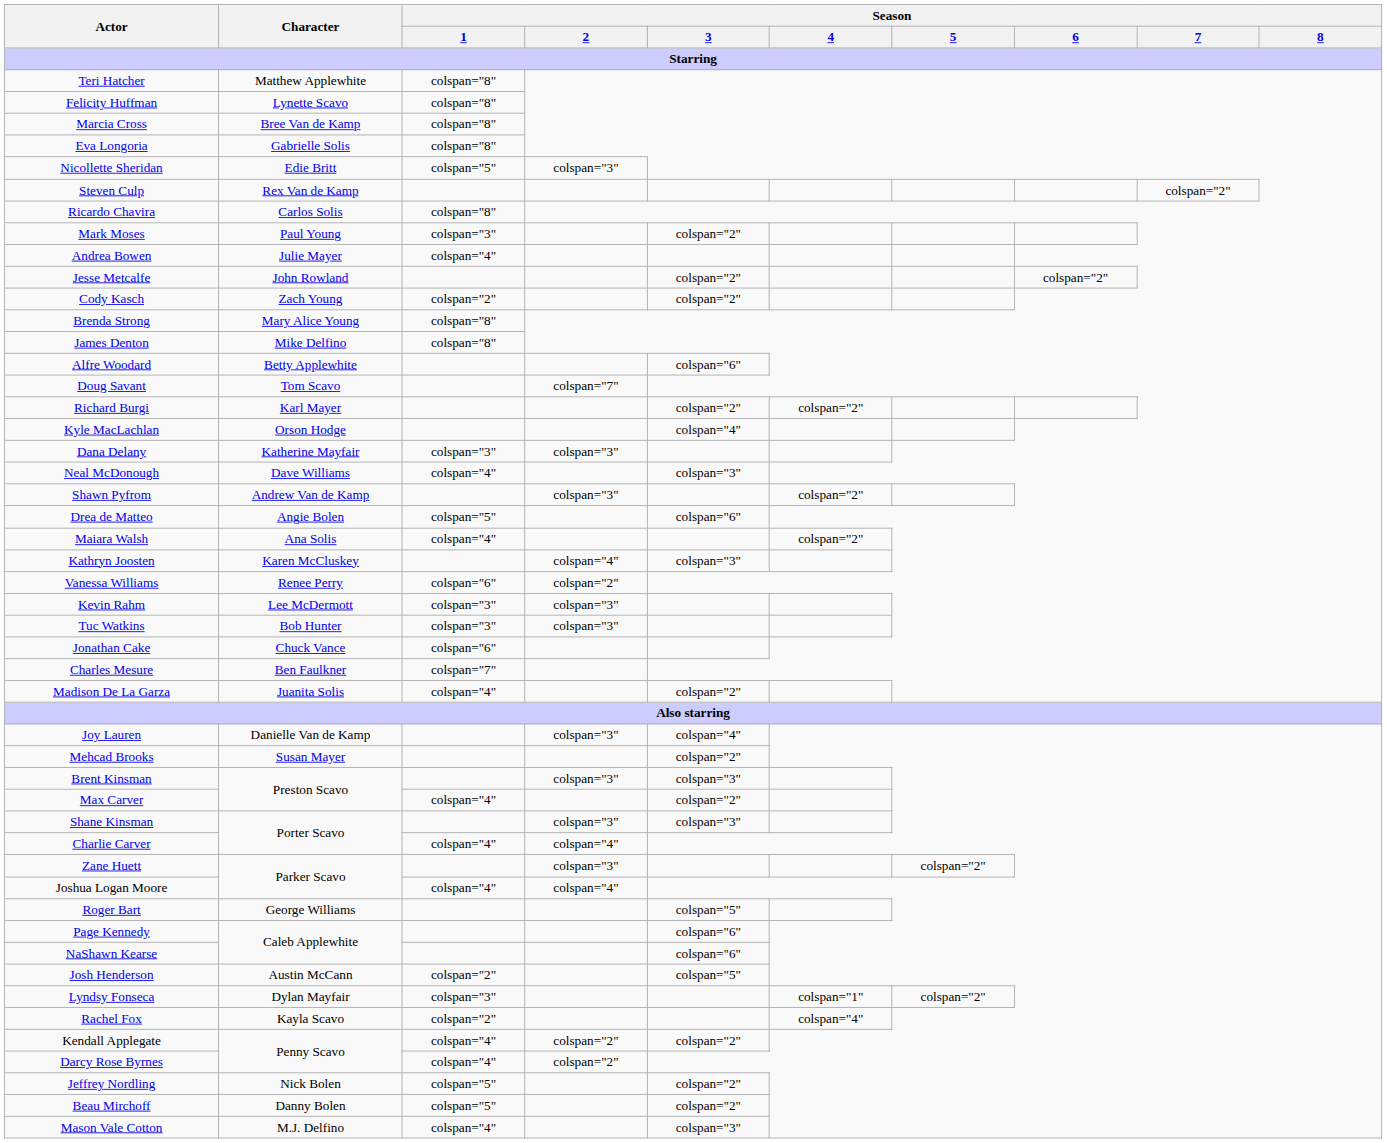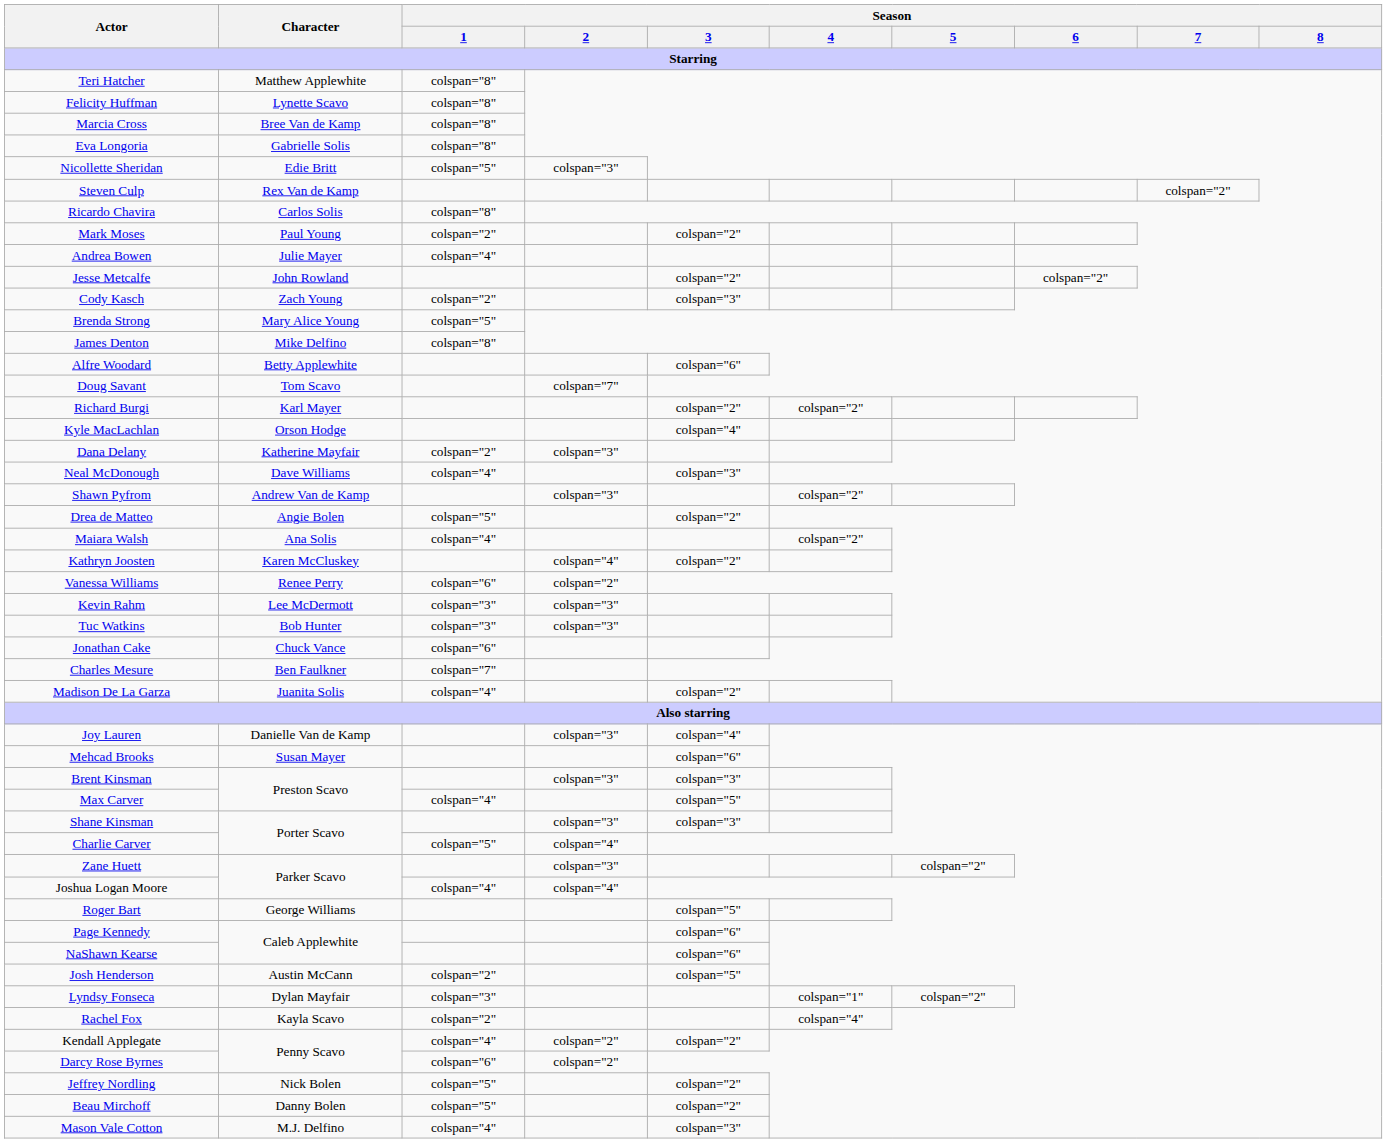 <table class="wikitable plainrowheaders" style="text-align:center; font-size:95%; width:100%">
 <tr>
 <th rowspan="2" style="width:14%;" scope="col">Actor</th>
 <th rowspan="2" style="width:12%;" scope="col">Character</th>
 <th colspan="8">Season</th>
 </tr>
 <tr>
 <th style="width:8%;" scope="col"><a href='#'>1</a></th>
 <th style="width:8%;" scope="col"><a href='#'>2</a></th>
 <th style="width:8%;" scope="col"><a href='#'>3</a></th>
 <th style="width:8%;" scope="col"><a href='#'>4</a></th>
 <th style="width:8%;" scope="col"><a href='#'>5</a></th>
 <th style="width:8%;" scope="col"><a href='#'>6</a></th>
 <th style="width:8%;" scope="col"><a href='#'>7</a></th>
 <th style="width:8%;" scope="col"><a href='#'>8</a></th>
 </tr>
 <tr>
 <th colspan="10" style="background:#ccf;">Starring</th>
 </tr>
 <tr>
 <td><a href='#'>Teri Hatcher</a></td>
 <td>Matthew Applewhite</td>
 <td>colspan="8" </td>
 </tr>
 <tr>
 <td><a href='#'>Felicity Huffman</a></td>
 <td><a href='#'>Lynette Scavo</a></td>
 <td>colspan="8" </td>
 </tr>
 <tr>
 <td><a href='#'>Marcia Cross</a></td>
 <td><a href='#'>Bree Van de Kamp</a></td>
 <td>colspan="8" </td>
 </tr>
 <tr>
 <td><a href='#'>Eva Longoria</a></td>
 <td><a href='#'>Gabrielle Solis</a></td>
 <td>colspan="8" </td>
 </tr>
 <tr>
 <td><a href='#'>Nicollette Sheridan</a></td>
 <td><a href='#'>Edie Britt</a></td>
 <td>colspan="5" </td>
 <td>colspan="3" </td>
 </tr>
 <tr>
 <td><a href='#'>Steven Culp</a></td>
 <td><a href='#'>Rex Van de Kamp</a></td>
 <td></td>
 <td></td>
 <td></td>
 <td></td>
 <td></td>
 <td></td>
 <td>colspan="2" </td>
 </tr>
 <tr>
 <td><a href='#'>Ricardo Chavira</a></td>
 <td><a href='#'>Carlos Solis</a></td>
 <td>colspan="8" </td>
 </tr>
 <tr>
 <td><a href='#'>Mark Moses</a></td>
 <td><a href='#'>Paul Young</a></td>
-<td>colspan="3" </td>
+<td>colspan="2" </td>
 <td></td>
 <td>colspan="2" </td>
 <td></td>
 <td></td>
 <td></td>
 </tr>
 <tr>
 <td><a href='#'>Andrea Bowen</a></td>
 <td><a href='#'>Julie Mayer</a></td>
 <td>colspan="4" </td>
 <td></td>
 <td></td>
 <td></td>
 <td></td>
 </tr>
 <tr>
 <td><a href='#'>Jesse Metcalfe</a></td>
 <td><a href='#'>John Rowland</a></td>
 <td></td>
 <td></td>
 <td>colspan="2" </td>
 <td></td>
 <td></td>
 <td>colspan="2" </td>
 </tr>
 <tr>
 <td><a href='#'>Cody Kasch</a></td>
 <td><a href='#'>Zach Young</a></td>
 <td>colspan="2" </td>
 <td></td>
-<td>colspan="2" </td>
+<td>colspan="3" </td>
 <td></td>
 <td></td>
 </tr>
 <tr>
 <td><a href='#'>Brenda Strong</a></td>
 <td><a href='#'>Mary Alice Young</a></td>
-<td>colspan="8" </td>
+<td>colspan="5" </td>
 </tr>
 <tr>
 <td><a href='#'>James Denton</a></td>
 <td><a href='#'>Mike Delfino</a></td>
 <td>colspan="8" </td>
 </tr>
 <tr>
 <td><a href='#'>Alfre Woodard</a></td>
 <td><a href='#'>Betty Applewhite</a></td>
 <td></td>
 <td></td>
 <td>colspan="6" </td>
 </tr>
 <tr>
 <td><a href='#'>Doug Savant</a></td>
 <td><a href='#'>Tom Scavo</a></td>
 <td></td>
 <td>colspan="7" </td>
 </tr>
 <tr>
 <td><a href='#'>Richard Burgi</a></td>
 <td><a href='#'>Karl Mayer</a></td>
 <td></td>
 <td></td>
 <td>colspan="2" </td>
 <td>colspan="2" </td>
 <td></td>
 <td></td>
 </tr>
 <tr>
 <td><a href='#'>Kyle MacLachlan</a></td>
 <td><a href='#'>Orson Hodge</a></td>
 <td></td>
 <td></td>
 <td>colspan="4" </td>
 <td></td>
 <td></td>
 </tr>
 <tr>
 <td><a href='#'>Dana Delany</a></td>
 <td><a href='#'>Katherine Mayfair</a></td>
-<td>colspan="3" </td>
+<td>colspan="2" </td>
 <td>colspan="3" </td>
 <td></td>
 <td></td>
 </tr>
 <tr>
 <td><a href='#'>Neal McDonough</a></td>
 <td><a href='#'>Dave Williams</a></td>
 <td>colspan="4" </td>
 <td></td>
 <td>colspan="3" </td>
 </tr>
 <tr>
 <td><a href='#'>Shawn Pyfrom</a></td>
 <td><a href='#'>Andrew Van de Kamp</a></td>
 <td></td>
 <td>colspan="3" </td>
 <td></td>
 <td>colspan="2" </td>
 <td></td>
 </tr>
 <tr>
 <td><a href='#'>Drea de Matteo</a></td>
 <td><a href='#'>Angie Bolen</a></td>
 <td>colspan="5" </td>
 <td></td>
-<td>colspan="6" </td>
+<td>colspan="2" </td>
 </tr>
 <tr>
 <td><a href='#'>Maiara Walsh</a></td>
 <td><a href='#'>Ana Solis</a></td>
 <td>colspan="4" </td>
 <td></td>
 <td></td>
 <td>colspan="2" </td>
 </tr>
 <tr>
 <td><a href='#'>Kathryn Joosten</a></td>
 <td><a href='#'>Karen McCluskey</a></td>
 <td></td>
 <td>colspan="4" </td>
-<td>colspan="3" </td>
+<td>colspan="2" </td>
 <td></td>
 </tr>
 <tr>
 <td><a href='#'>Vanessa Williams</a></td>
 <td><a href='#'>Renee Perry</a></td>
 <td>colspan="6" </td>
 <td>colspan="2" </td>
 </tr>
 <tr>
 <td><a href='#'>Kevin Rahm</a></td>
 <td><a href='#'>Lee McDermott</a></td>
 <td>colspan="3" </td>
 <td>colspan="3" </td>
 <td></td>
 <td></td>
 </tr>
 <tr>
 <td><a href='#'>Tuc Watkins</a></td>
 <td><a href='#'>Bob Hunter</a></td>
 <td>colspan="3" </td>
 <td>colspan="3" </td>
 <td></td>
 <td></td>
 </tr>
 <tr>
 <td><a href='#'>Jonathan Cake</a></td>
 <td><a href='#'>Chuck Vance</a></td>
 <td>colspan="6" </td>
 <td></td>
 <td></td>
 </tr>
 <tr>
 <td><a href='#'>Charles Mesure</a></td>
 <td><a href='#'>Ben Faulkner</a></td>
 <td>colspan="7" </td>
 <td></td>
 </tr>
 <tr>
 <td><a href='#'>Madison De La Garza</a></td>
 <td><a href='#'>Juanita Solis</a></td>
 <td>colspan="4" </td>
 <td></td>
 <td>colspan="2" </td>
 <td></td>
 </tr>
 <tr>
 <th colspan="10" style="background:#ccf;">Also starring</th>
 </tr>
 <tr>
 <td><a href='#'>Joy Lauren</a></td>
 <td>Danielle Van de Kamp</td>
 <td></td>
 <td>colspan="3" </td>
 <td>colspan="4" </td>
 </tr>
 <tr>
 <td><a href='#'>Mehcad Brooks</a></td>
 <td><a href='#'>Susan Mayer</a></td>
 <td></td>
 <td></td>
-<td>colspan="2" </td>
+<td>colspan="6" </td>
 </tr>
 <tr>
 <td><a href='#'>Brent Kinsman</a></td>
 <td rowspan="2">Preston Scavo</td>
 <td></td>
 <td>colspan="3" </td>
 <td>colspan="3" </td>
 <td></td>
 </tr>
 <tr>
 <td><a href='#'>Max Carver</a></td>
 <td>colspan="4" </td>
 <td></td>
-<td>colspan="2" </td>
+<td>colspan="5" </td>
 <td></td>
 </tr>
 <tr>
 <td><a href='#'>Shane Kinsman</a></td>
 <td rowspan="2">Porter Scavo</td>
 <td></td>
 <td>colspan="3" </td>
 <td>colspan="3" </td>
 <td></td>
 </tr>
 <tr>
 <td><a href='#'>Charlie Carver</a></td>
-<td>colspan="4" </td>
+<td>colspan="5" </td>
 <td>colspan="4" </td>
 </tr>
 <tr>
 <td><a href='#'>Zane Huett</a></td>
 <td rowspan="2">Parker Scavo</td>
 <td></td>
 <td>colspan="3" </td>
 <td></td>
 <td></td>
 <td>colspan="2" </td>
 </tr>
 <tr>
 <td>Joshua Logan Moore</td>
 <td>colspan="4" </td>
 <td>colspan="4" </td>
 </tr>
 <tr>
 <td><a href='#'>Roger Bart</a></td>
 <td>George Williams</td>
 <td></td>
 <td></td>
 <td>colspan="5" </td>
 <td></td>
 </tr>
 <tr>
 <td><a href='#'>Page Kennedy</a></td>
 <td rowspan="2">Caleb Applewhite</td>
 <td></td>
 <td></td>
 <td>colspan="6" </td>
 </tr>
 <tr>
 <td><a href='#'>NaShawn Kearse</a></td>
 <td></td>
 <td></td>
 <td>colspan="6" </td>
 </tr>
 <tr>
 <td><a href='#'>Josh Henderson</a></td>
 <td>Austin McCann</td>
 <td>colspan="2" </td>
 <td></td>
 <td>colspan="5" </td>
 </tr>
 <tr>
 <td><a href='#'>Lyndsy Fonseca</a></td>
 <td>Dylan Mayfair</td>
 <td>colspan="3" </td>
 <td></td>
 <td></td>
 <td>colspan="1" </td>
 <td>colspan="2" </td>
 </tr>
 <tr>
 <td><a href='#'>Rachel Fox</a></td>
 <td>Kayla Scavo</td>
 <td>colspan="2" </td>
 <td></td>
 <td></td>
 <td>colspan="4" </td>
 </tr>
 <tr>
 <td>Kendall Applegate</td>
 <td rowspan="2">Penny Scavo</td>
 <td>colspan="4" </td>
 <td>colspan="2" </td>
 <td>colspan="2" </td>
 </tr>
 <tr>
 <td><a href='#'>Darcy Rose Byrnes</a></td>
-<td>colspan="4" </td>
+<td>colspan="6" </td>
 <td>colspan="2" </td>
 </tr>
 <tr>
 <td><a href='#'>Jeffrey Nordling</a></td>
 <td>Nick Bolen</td>
 <td>colspan="5" </td>
 <td></td>
 <td>colspan="2" </td>
 </tr>
 <tr>
 <td><a href='#'>Beau Mirchoff</a></td>
 <td>Danny Bolen</td>
 <td>colspan="5" </td>
 <td></td>
 <td>colspan="2" </td>
 </tr>
 <tr>
 <td><a href='#'>Mason Vale Cotton</a></td>
 <td>M.J. Delfino</td>
 <td>colspan="4" </td>
 <td></td>
 <td>colspan="3" </td>
 </tr>
 </table>
